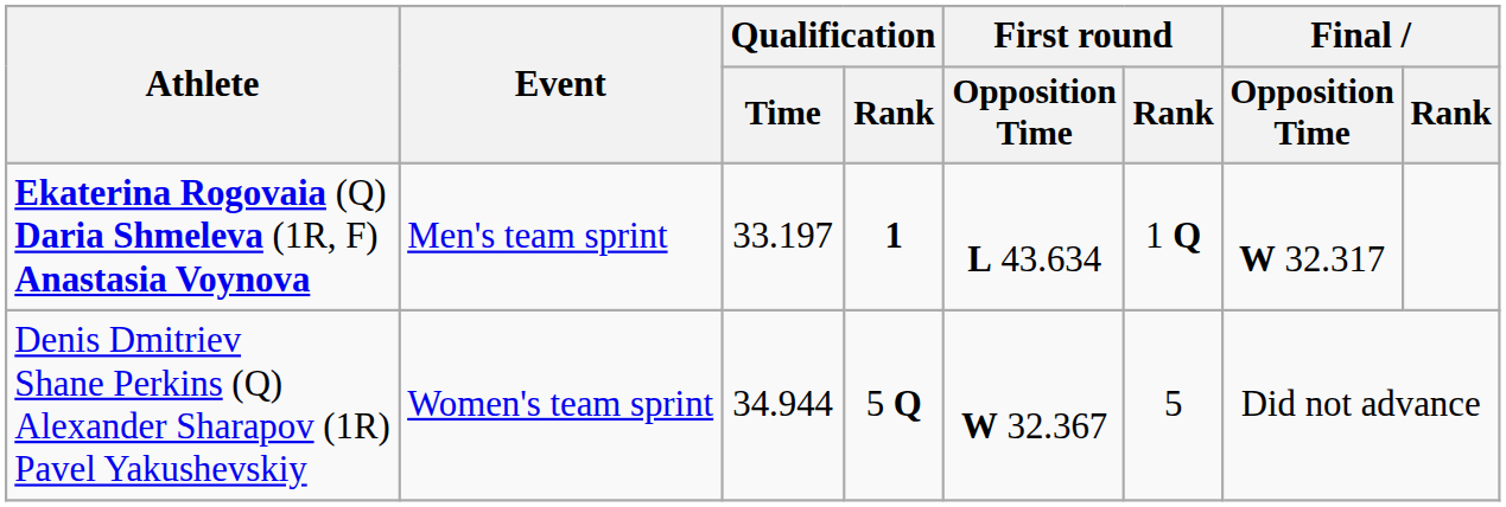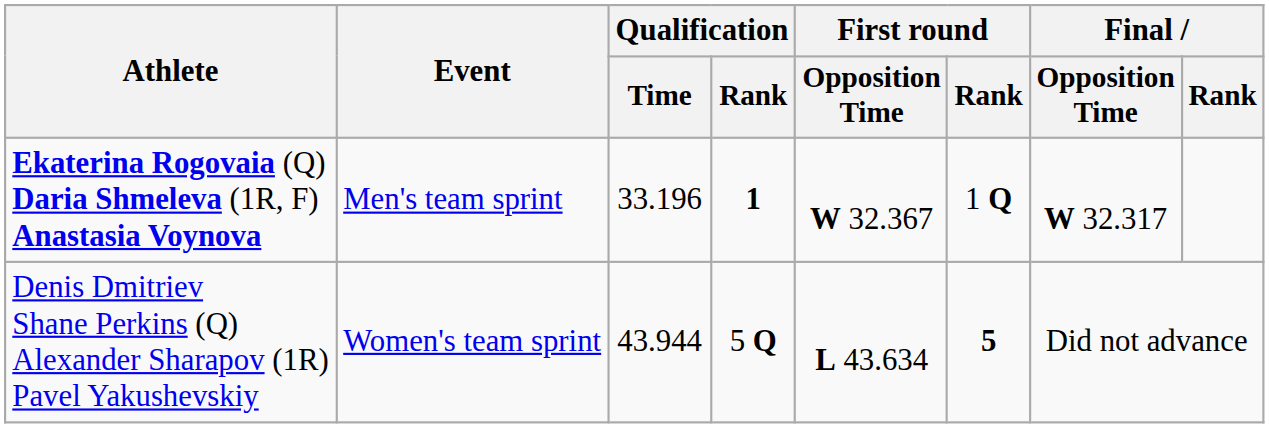 <table class="wikitable" style="text-align:center; font-size:90%">
 <tr>
 <th rowspan=2>Athlete</th>
 <th rowspan=2>Event</th>
 <th colspan=2>Qualification</th>
 <th colspan=2>First round</th>
 <th colspan=2>Final / </th>
 </tr>
 <tr style="font-size:95%">
 <th>Time<br></th>
 <th>Rank</th>
 <th>Opposition<br>Time</th>
 <th>Rank</th>
 <th>Opposition<br>Time</th>
 <th>Rank</th>
 </tr>
 <tr>
 <td align=left><strong><a href='#'>Ekaterina Rogovaia</a></strong> (Q)<br><strong><a href='#'>Daria Shmeleva</a></strong> (1R, F)<br><strong><a href='#'>Anastasia Voynova</a></strong></td>
 <td align=left><a href='#'>Men's team sprint</a></td>
-<td>33.197</td>
+<td>33.196</td>
 <td><strong>1</strong></td>
-<td><br><strong>L</strong> 43.634</td>
+<td><br><strong>W</strong> 32.367</td>
 <td>1 <strong>Q</strong></td>
 <td><br><strong>W</strong> 32.317</td>
 <td></td>
 </tr>
 <tr>
 <td align=left><a href='#'>Denis Dmitriev</a><br><a href='#'>Shane Perkins</a> (Q)<br><a href='#'>Alexander Sharapov</a> (1R)<br><a href='#'>Pavel Yakushevskiy</a></td>
 <td align=left><a href='#'>Women's team sprint</a></td>
-<td>34.944</td>
+<td>43.944</td>
 <td>5 <strong>Q</strong></td>
-<td><br><strong>W</strong> 32.367</td>
-<td>5</td>
+<td><br><strong>L</strong> 43.634</td>
+<td><strong>5</strong></td>
 <td colspan=2>Did not advance</td>
 </tr>
 </table>
